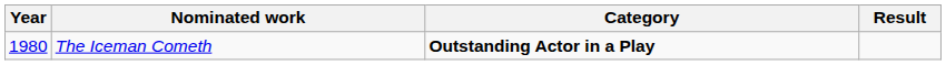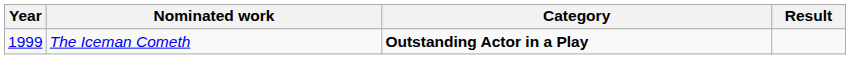 <table class="wikitable">
 <tr>
 <th scope="col" style="width:1em;">Year</th>
 <th scope="col" style="width:30em;">Nominated work</th>
 <th scope="col" style="width:35em;">Category</th>
 <th scope="col" style="width:5em;">Result</th>
 </tr>
 <tr>
-<td><a href='#'>1980</a></td>
+<td><a href='#'>1999</a></td>
 <td><em><a href='#'>The Iceman Cometh</a></em></td>
 <td><strong>Outstanding Actor in a Play</strong></td>
 <td></td>
 </tr>
 </table>
